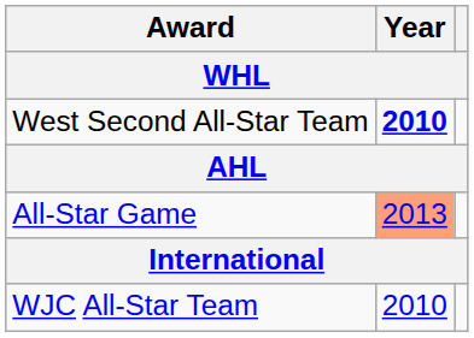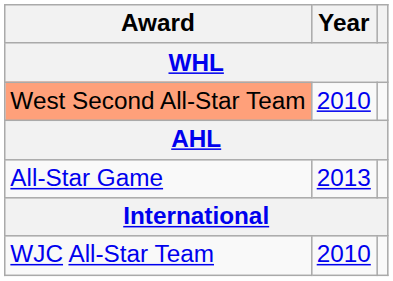 <table class="wikitable">
 <tr>
 <th>Award</th>
 <th>Year</th>
 <th></th>
 </tr>
 <tr>
 <th colspan="3"><a href='#'>WHL</a></th>
 </tr>
 <tr>
-<td>West Second All-Star Team</td>
-<td><strong><a href='#'>2010</a></strong></td>
+<td style="background: lightsalmon;">West Second All-Star Team</td>
+<td><a href='#'>2010</a></td>
 <td></td>
 </tr>
 <tr>
 <th colspan="3"><a href='#'>AHL</a></th>
 </tr>
 <tr>
 <td><a href='#'>All-Star Game</a></td>
-<td style="background: lightsalmon;"><a href='#'>2013</a></td>
+<td><a href='#'>2013</a></td>
 <td></td>
 </tr>
 <tr>
 <th colspan="3"><a href='#'>International</a></th>
 </tr>
 <tr>
 <td><a href='#'>WJC</a> <a href='#'>All-Star Team</a></td>
 <td><a href='#'>2010</a></td>
 <td></td>
 </tr>
 </table>
